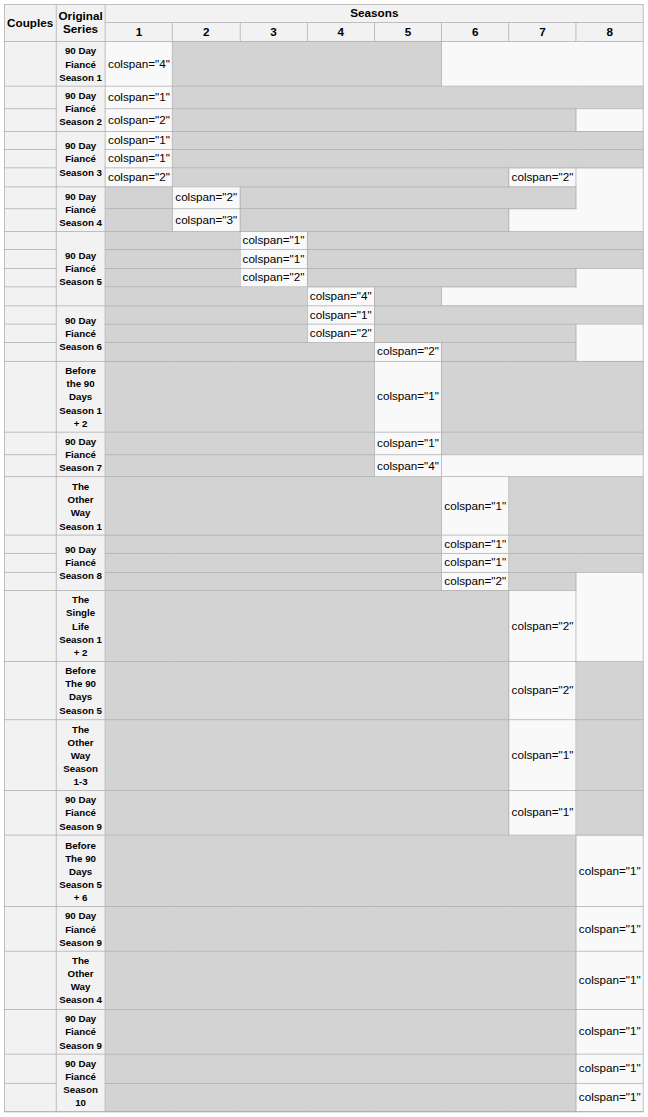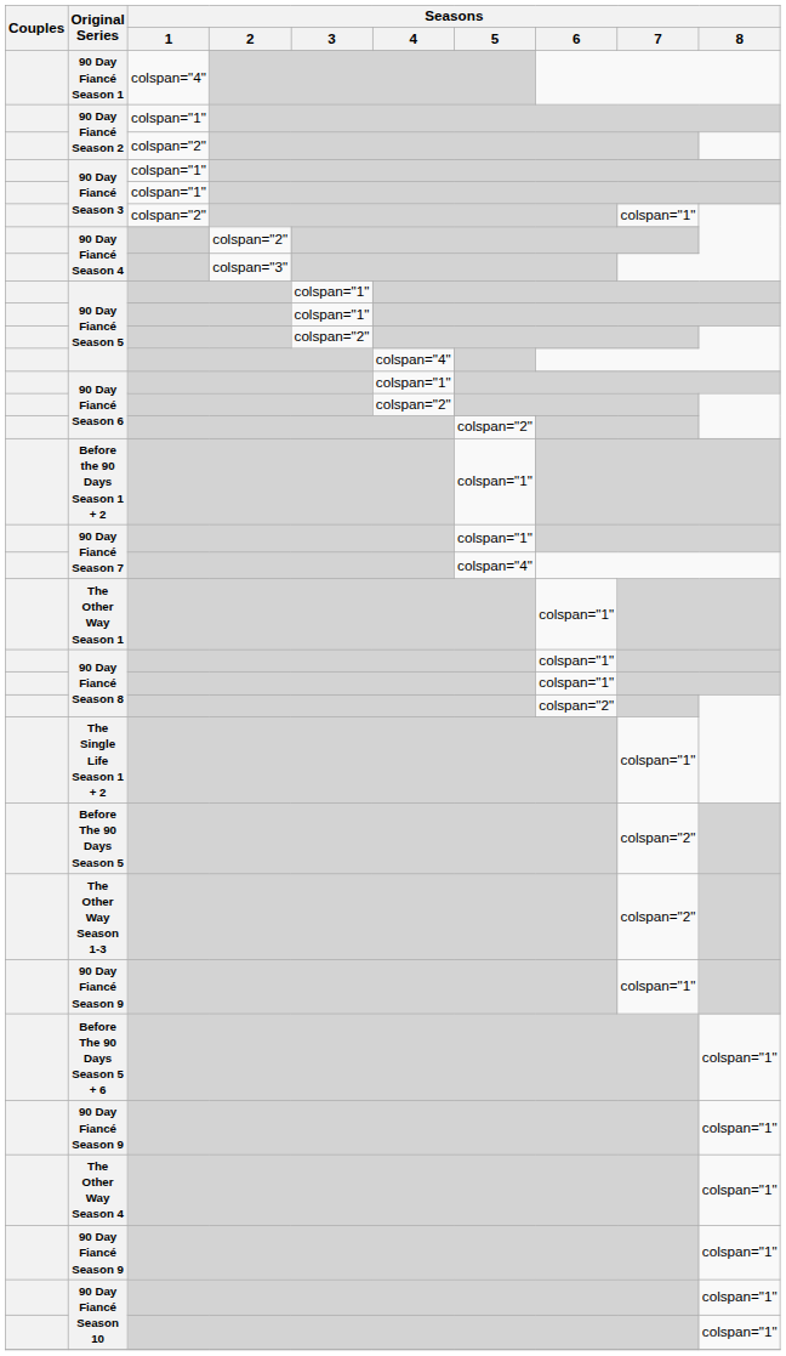 <table class="wikitable plainrowheaders"  width="80%">
 <tr>
 <th scope="col" rowspan="2" style="width:15%;">Couples</th>
 <th scope="col" rowspan="2" style="width:20%;">Original Series</th>
 <th scope="col" colspan="8">Seasons</th>
 </tr>
 <tr>
 <th scope="col" style="width:7%;">1</th>
 <th scope="col" style="width:7%;">2</th>
 <th scope="col" style="width:7%;">3</th>
 <th scope="col" style="width:7%;">4</th>
 <th scope="col" style="width:7%;">5</th>
 <th scope="col" style="width:7%;">6</th>
 <th scope="col" style="width:7%;">7</th>
 <th scope="col" style="width:7%;">8</th>
 </tr>
 <tr>
 <th scope="row"></th>
 <th rowspan="1"><small>90 Day Fiancé<br>Season 1</small></th>
 <td>colspan="4" </td>
 <td colspan="4" style="background: #D3D3D3"></td>
 </tr>
 <tr>
 <th scope="row"></th>
 <th rowspan="2"><small>90 Day Fiancé<br>Season 2</small></th>
 <td>colspan="1" </td>
 <td colspan="7" style="background: #D3D3D3"></td>
 </tr>
 <tr>
 <th scope="row"></th>
 <td>colspan="2" </td>
 <td colspan="6" style="background: #D3D3D3"></td>
 </tr>
 <tr>
 <th scope="row"></th>
 <th rowspan="3"><small>90 Day Fiancé<br>Season 3</small></th>
 <td>colspan="1" </td>
 <td colspan="7" style="background: #D3D3D3"></td>
 </tr>
 <tr>
 <th scope="row"></th>
 <td>colspan="1" </td>
 <td colspan="7" style="background: #D3D3D3"></td>
 </tr>
 <tr>
 <th scope="row"></th>
 <td>colspan="2" </td>
 <td colspan="5" style="background: #D3D3D3"></td>
-<td>colspan="2" </td>
+<td>colspan="1" </td>
 </tr>
 <tr>
 <th scope="row"></th>
 <th rowspan="2"><small>90 Day Fiancé<br>Season 4</small></th>
 <td colspan="1" style="background: #D3D3D3"></td>
 <td>colspan="2" </td>
 <td colspan="5" style="background: #D3D3D3"></td>
 </tr>
 <tr>
 <th scope="row"></th>
 <td colspan="1" style="background: #D3D3D3"></td>
 <td>colspan="3" </td>
 <td colspan="4" style="background: #D3D3D3"></td>
 </tr>
 <tr>
 <th scope="row"></th>
 <th rowspan="4"><small>90 Day Fiancé<br>Season 5</small></th>
 <td colspan="2" style="background: #D3D3D3"></td>
 <td>colspan="1" </td>
 <td colspan="5" style="background: #D3D3D3"></td>
 </tr>
 <tr>
 <th scope="row"></th>
 <td colspan="2" style="background: #D3D3D3"></td>
 <td>colspan="1" </td>
 <td colspan="5" style="background: #D3D3D3"></td>
 </tr>
 <tr>
 <th scope="row"></th>
 <td colspan="2" style="background: #D3D3D3"></td>
 <td>colspan="2" </td>
 <td colspan="4" style="background: #D3D3D3"></td>
 </tr>
 <tr>
 <th scope="row"></th>
 <td colspan="3" style="background: #D3D3D3"></td>
 <td>colspan="4" </td>
 <td colspan="1" style="background: #D3D3D3"></td>
 </tr>
 <tr>
 <th scope="row"></th>
 <th rowspan="3"><small>90 Day Fiancé<br>Season 6</small></th>
 <td colspan="3" style="background: #D3D3D3"></td>
 <td>colspan="1" </td>
 <td colspan="4" style="background: #D3D3D3"></td>
 </tr>
 <tr>
 <th scope="row"></th>
 <td colspan="3" style="background: #D3D3D3"></td>
 <td>colspan="2" </td>
 <td colspan="3" style="background: #D3D3D3"></td>
 </tr>
 <tr>
 <th scope="row"></th>
 <td colspan="4" style="background: #D3D3D3"></td>
 <td>colspan="2" </td>
 <td colspan="2" style="background: #D3D3D3"></td>
 </tr>
 <tr>
 <th scope="row"></th>
 <th rowspan="1"><small>Before the 90 Days<br>Season 1 + 2</small></th>
 <td colspan="4" style="background: #D3D3D3"></td>
 <td>colspan="1" </td>
 <td colspan="3" style="background: #D3D3D3"></td>
 </tr>
 <tr>
 <th scope="row"></th>
 <th rowspan="2"><small>90 Day Fiancé<br>Season 7</small></th>
 <td colspan="4" style="background: #D3D3D3"></td>
 <td>colspan="1" </td>
 <td colspan="3" style="background: #D3D3D3"></td>
 </tr>
 <tr>
 <th scope="row"></th>
 <td colspan="4" style="background: #D3D3D3"></td>
 <td>colspan="4" </td>
 </tr>
 <tr>
 <th scope="row"></th>
 <th rowspan="1"><small>The Other Way<br>Season 1</small></th>
 <td colspan="5" style="background: #D3D3D3"></td>
 <td>colspan="1" </td>
 <td colspan="2" style="background: #D3D3D3"></td>
 </tr>
 <tr>
 <th scope="row"></th>
 <th rowspan="3"><small>90 Day Fiancé<br>Season 8</small></th>
 <td colspan="5" style="background: #D3D3D3"></td>
 <td>colspan="1" </td>
 <td colspan="2" style="background: #D3D3D3"></td>
 </tr>
 <tr>
 <th scope="row"></th>
 <td colspan="5" style="background: #D3D3D3"></td>
 <td>colspan="1" </td>
 <td colspan="2" style="background: #D3D3D3"></td>
 </tr>
 <tr>
 <th scope="row"></th>
 <td colspan="5" style="background: #D3D3D3"></td>
 <td>colspan="2" </td>
 <td colspan="1" style="background: #D3D3D3"></td>
 </tr>
 <tr>
 <th scope="row"></th>
 <th rowspan="1"><small>The Single Life<br>Season 1 + 2</small></th>
 <td colspan="6" style="background: #D3D3D3"></td>
-<td>colspan="2" </td>
+<td>colspan="1" </td>
 </tr>
 <tr>
 <th scope="row"></th>
 <th rowspan="1"><small>Before The 90 Days<br>Season 5</small></th>
 <td colspan="6" style="background: #D3D3D3"></td>
 <td>colspan="2" </td>
 <td colspan="1" style="background: #D3D3D3"></td>
 </tr>
 <tr>
 <th scope="row"></th>
 <th rowspan="1"><small>The Other Way<br>Season 1-3</small></th>
 <td colspan="6" style="background: #D3D3D3"></td>
-<td>colspan="1" </td>
+<td>colspan="2" </td>
 <td colspan="1" style="background: #D3D3D3"></td>
 </tr>
 <tr>
 <th scope="row"></th>
 <th rowspan="1"><small>90 Day Fiancé<br>Season 9</small></th>
 <td colspan="6" style="background: #D3D3D3"></td>
 <td>colspan="1" </td>
 <td colspan="61" style="background: #D3D3D3"></td>
 </tr>
 <tr>
 <th scope="row"></th>
 <th rowspan="1"><small>Before The 90 Days<br>Season 5 + 6</small></th>
 <td colspan="7" style="background: #D3D3D3"></td>
 <td>colspan="1" </td>
 </tr>
 <tr>
 <th scope="row"></th>
 <th rowspan="1"><small>90 Day Fiancé<br>Season 9</small></th>
 <td colspan="7" style="background: #D3D3D3"></td>
 <td>colspan="1" </td>
 </tr>
 <tr>
 <th scope="row"></th>
 <th rowspan="1"><small>The Other Way<br>Season 4</small></th>
 <td colspan="7" style="background: #D3D3D3"></td>
 <td>colspan="1" </td>
 </tr>
 <tr>
 <th scope="row"></th>
 <th rowspan="1"><small>90 Day Fiancé<br>Season 9</small></th>
 <td colspan="7" style="background: #D3D3D3"></td>
 <td>colspan="1" </td>
 </tr>
 <tr>
 <th scope="row"></th>
 <th rowspan="2"><small>90 Day Fiancé<br>Season 10</small></th>
 <td colspan="7" style="background: #D3D3D3"></td>
 <td>colspan="1" </td>
 </tr>
 <tr>
 <th scope="row"></th>
 <td colspan="7" style="background: #D3D3D3"></td>
 <td>colspan="1" </td>
 </tr>
 <tr>
 </tr>
 </table>
